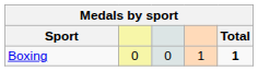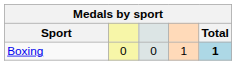 <table class="wikitable" style="font-size:90%; text-align:center;">
 <tr>
 <th colspan="5">Medals by sport</th>
 </tr>
 <tr>
 <th width="120">Sport</th>
 <th scope="col" width="30" style="background:#F7F6A8;"></th>
 <th scope="col" width="30" style="background:#DCE5E5;"></th>
 <th scope="col" width="30" style="background:#FFDAB9;"></th>
 <th width="30">Total</th>
 </tr>
 <tr>
 <td align="left"><a href='#'>Boxing</a></td>
 <td style="background:#F7F6A8;">0</td>
 <td style="background:#DCE5E5;">0</td>
 <td style="background:#FFDAB9;">1</td>
-<td><strong>1</strong></td>
+<td style="background: lightblue;"><strong>1</strong></td>
 </tr>
 </table>
